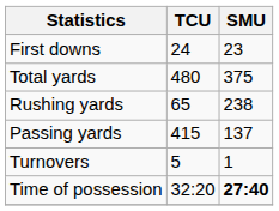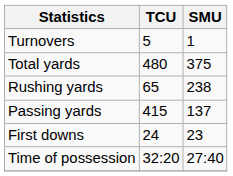 <table class="wikitable" style="float: left;">
 <tr>
 <th>Statistics</th>
 <th>TCU</th>
 <th>SMU</th>
 </tr>
 <tr>
-<td>First downs</td>
-<td>24</td>
-<td>23</td>
+<td>Turnovers</td>
+<td>5</td>
+<td>1</td>
 </tr>
 <tr>
 <td>Total yards</td>
 <td>480</td>
 <td>375</td>
 </tr>
 <tr>
 <td>Rushing yards</td>
 <td>65</td>
 <td>238</td>
 </tr>
 <tr>
 <td>Passing yards</td>
 <td>415</td>
 <td>137</td>
 </tr>
 <tr>
-<td>Turnovers</td>
-<td>5</td>
-<td>1</td>
+<td>First downs</td>
+<td>24</td>
+<td>23</td>
 </tr>
 <tr>
 <td>Time of possession</td>
 <td>32:20</td>
-<td><strong>27:40</strong></td>
+<td>27:40</td>
 </tr>
 <tr>
 </tr>
 </table>
